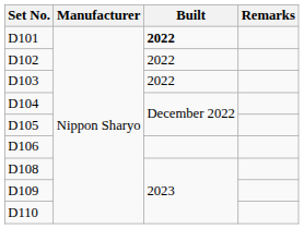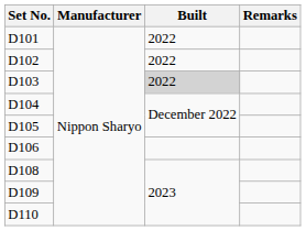 <table class="wikitable">
 <tr>
 <th>Set No.</th>
 <th>Manufacturer</th>
 <th>Built</th>
 <th>Remarks</th>
 </tr>
 <tr>
 <td>D101</td>
 <td rowspan="9">Nippon Sharyo</td>
-<td><strong>2022</strong></td>
+<td>2022</td>
 <td></td>
 </tr>
 <tr>
 <td>D102</td>
 <td>2022</td>
 <td></td>
 </tr>
 <tr>
 <td>D103</td>
-<td>2022</td>
+<td style="background: lightgrey;">2022</td>
 <td></td>
 </tr>
 <tr>
 <td>D104</td>
 <td rowspan="2">December 2022</td>
 <td></td>
 </tr>
 <tr>
 <td>D105</td>
 <td></td>
 </tr>
 <tr>
 <td>D106</td>
 <td></td>
 <td></td>
 </tr>
 <tr>
 <td>D108</td>
 <td rowspan="3">2023</td>
 <td></td>
 </tr>
 <tr>
 <td>D109</td>
 <td></td>
 </tr>
 <tr>
 <td>D110</td>
 <td></td>
 </tr>
 </table>
